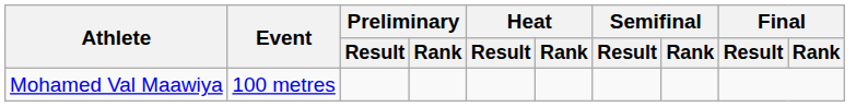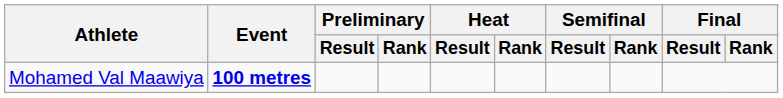 <table class="wikitable" style="font-size:90%">
 <tr>
 <th rowspan="2">Athlete</th>
 <th rowspan="2">Event</th>
 <th colspan="2">Preliminary</th>
 <th colspan="2">Heat</th>
 <th colspan="2">Semifinal</th>
 <th colspan="2">Final</th>
 </tr>
 <tr style="font-size:95%">
 <th>Result</th>
 <th>Rank</th>
 <th>Result</th>
 <th>Rank</th>
 <th>Result</th>
 <th>Rank</th>
 <th>Result</th>
 <th>Rank</th>
 </tr>
 <tr align=center>
 <td align=left><a href='#'>Mohamed Val Maawiya</a></td>
-<td align=left><a href='#'>100 metres</a></td>
+<td align=left><strong><a href='#'>100 metres</a></strong></td>
 <td></td>
 <td></td>
 <td></td>
 <td></td>
 <td></td>
 <td></td>
 </tr>
 </table>
